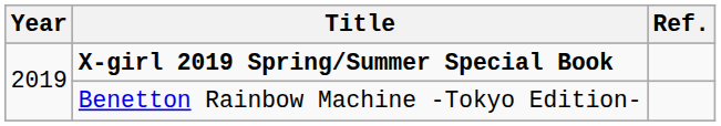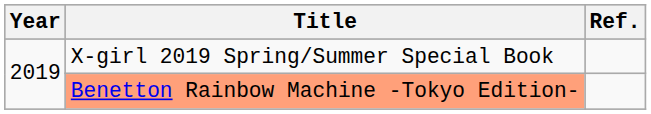 <table class="wikitable">
 <tr>
 <th>Year</th>
 <th>Title</th>
 <th>Ref.</th>
 </tr>
 <tr>
 <td rowspan="2">2019</td>
-<td><strong>X-girl 2019 Spring/Summer Special Book</strong></td>
+<td>X-girl 2019 Spring/Summer Special Book</td>
 <td></td>
 </tr>
 <tr>
-<td><a href='#'>Benetton</a> Rainbow Machine -Tokyo Edition-</td>
+<td style="background: lightsalmon;"><a href='#'>Benetton</a> Rainbow Machine -Tokyo Edition-</td>
 <td></td>
 </tr>
 </table>
